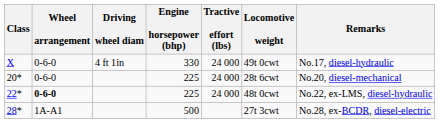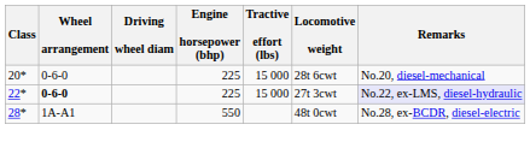 <table class="wikitable">
 <tr>
 <th>Class</th>
 <th>Wheel<br><br>arrangement</th>
 <th>Driving<br><br>wheel diam</th>
 <th>Engine<br><br>horsepower<br> (bhp)</th>
 <th>Tractive<br><br>effort<br> (lbs)</th>
 <th>Locomotive<br><br>weight</th>
 <th>Remarks</th>
 </tr>
 <tr>
-<td><a href='#'>X</a></td>
-<td>0-6-0</td>
-<td>4 ft 1in</td>
-<td align=right>330</td>
-<td align=right>24 000</td>
-<td>49t 0cwt</td>
-<td>No.17, <a href='#'>diesel-hydraulic</a></td>
-</tr>
-<tr>
 <td>20*</td>
 <td>0-6-0</td>
 <td></td>
 <td align=right>225</td>
-<td align=right>24 000</td>
+<td align=right>15 000</td>
 <td>28t 6cwt</td>
 <td>No.20, <a href='#'>diesel-mechanical</a></td>
 </tr>
 <tr>
 <td><a href='#'>22</a>*</td>
 <td><strong>0-6-0</strong></td>
 <td></td>
 <td align=right>225</td>
-<td align=right>24 000</td>
-<td>48t 0cwt</td>
-<td>No.22, ex-LMS, <a href='#'>diesel-hydraulic</a></td>
+<td align=right>15 000</td>
+<td>27t 3cwt</td>
+<td style="background: lavender;">No.22, ex-LMS, <a href='#'>diesel-hydraulic</a></td>
 </tr>
 <tr>
 <td><a href='#'>28</a>*</td>
 <td>1A-A1</td>
 <td></td>
-<td align=right>500</td>
+<td align=right>550</td>
 <td></td>
-<td>27t 3cwt</td>
+<td>48t 0cwt</td>
 <td>No.28, ex-<a href='#'>BCDR</a>, <a href='#'>diesel-electric</a></td>
 </tr>
 </table>
